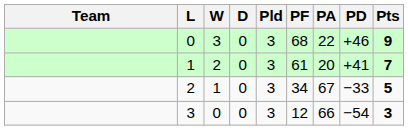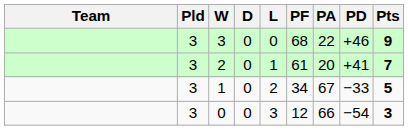 <table class="wikitable" style="text-align:center;">
 <tr>
 <th width=175>Team</th>
-<th width=20 abbr="Lost">L</th>
+<th width=20 abbr="Played">Pld</th>
 <th width=20 abbr="Won">W</th>
 <th width=20 abbr="Drawn">D</th>
-<th width=20 abbr="Played">Pld</th>
+<th width=20 abbr="Lost">L</th>
 <th width=20 abbr="Points for">PF</th>
 <th width=20 abbr="Points against">PA</th>
 <th width=25 abbr="Points difference">PD</th>
 <th width=20 abbr="Points">Pts</th>
 </tr>
 <tr bgcolor=ccffcc>
 <td align=left></td>
-<td>0</td>
+<td>3</td>
 <td>3</td>
 <td>0</td>
-<td>3</td>
+<td>0</td>
 <td>68</td>
 <td>22</td>
 <td>+46</td>
 <td><strong>9</strong></td>
 </tr>
 <tr bgcolor=ccffcc>
 <td align=left></td>
-<td>1</td>
+<td>3</td>
 <td>2</td>
 <td>0</td>
-<td>3</td>
+<td>1</td>
 <td>61</td>
 <td>20</td>
 <td>+41</td>
 <td><strong>7</strong></td>
 </tr>
 <tr>
 <td align=left></td>
-<td>2</td>
+<td>3</td>
 <td>1</td>
 <td>0</td>
-<td>3</td>
+<td>2</td>
 <td>34</td>
 <td>67</td>
 <td>−33</td>
 <td><strong>5</strong></td>
 </tr>
 <tr>
 <td align=left></td>
 <td>3</td>
 <td>0</td>
 <td>0</td>
 <td>3</td>
 <td>12</td>
 <td>66</td>
 <td>−54</td>
 <td><strong>3</strong></td>
 </tr>
 </table>
